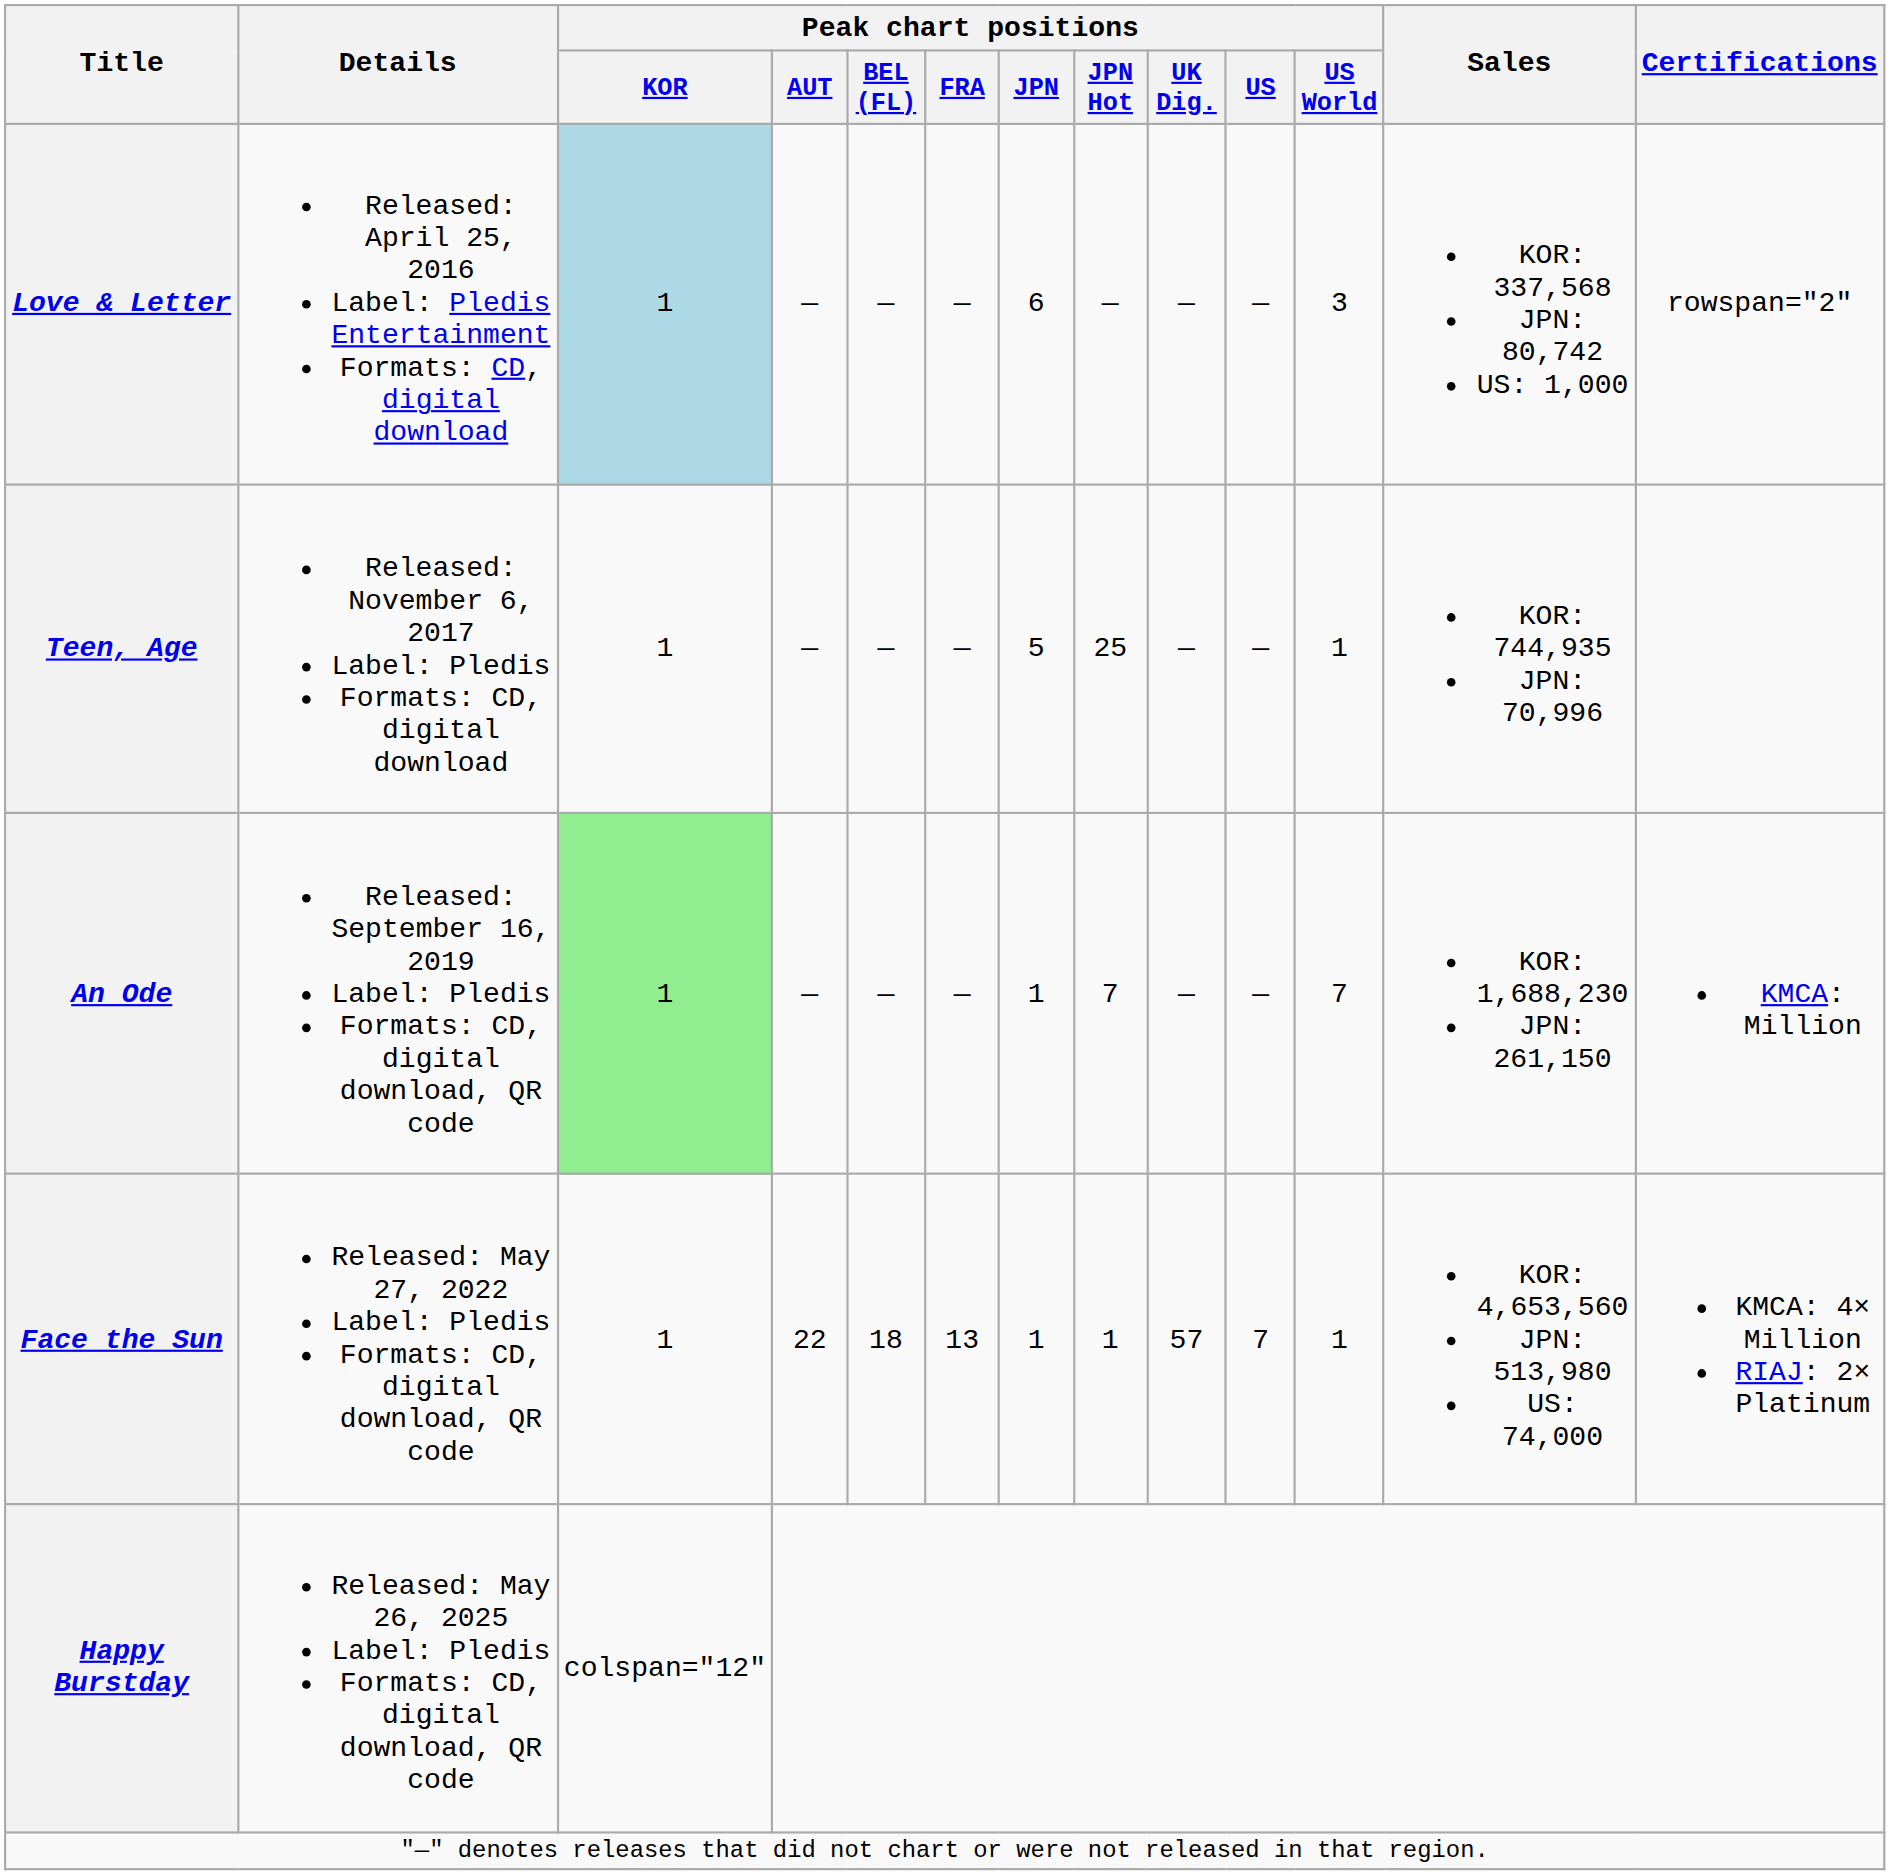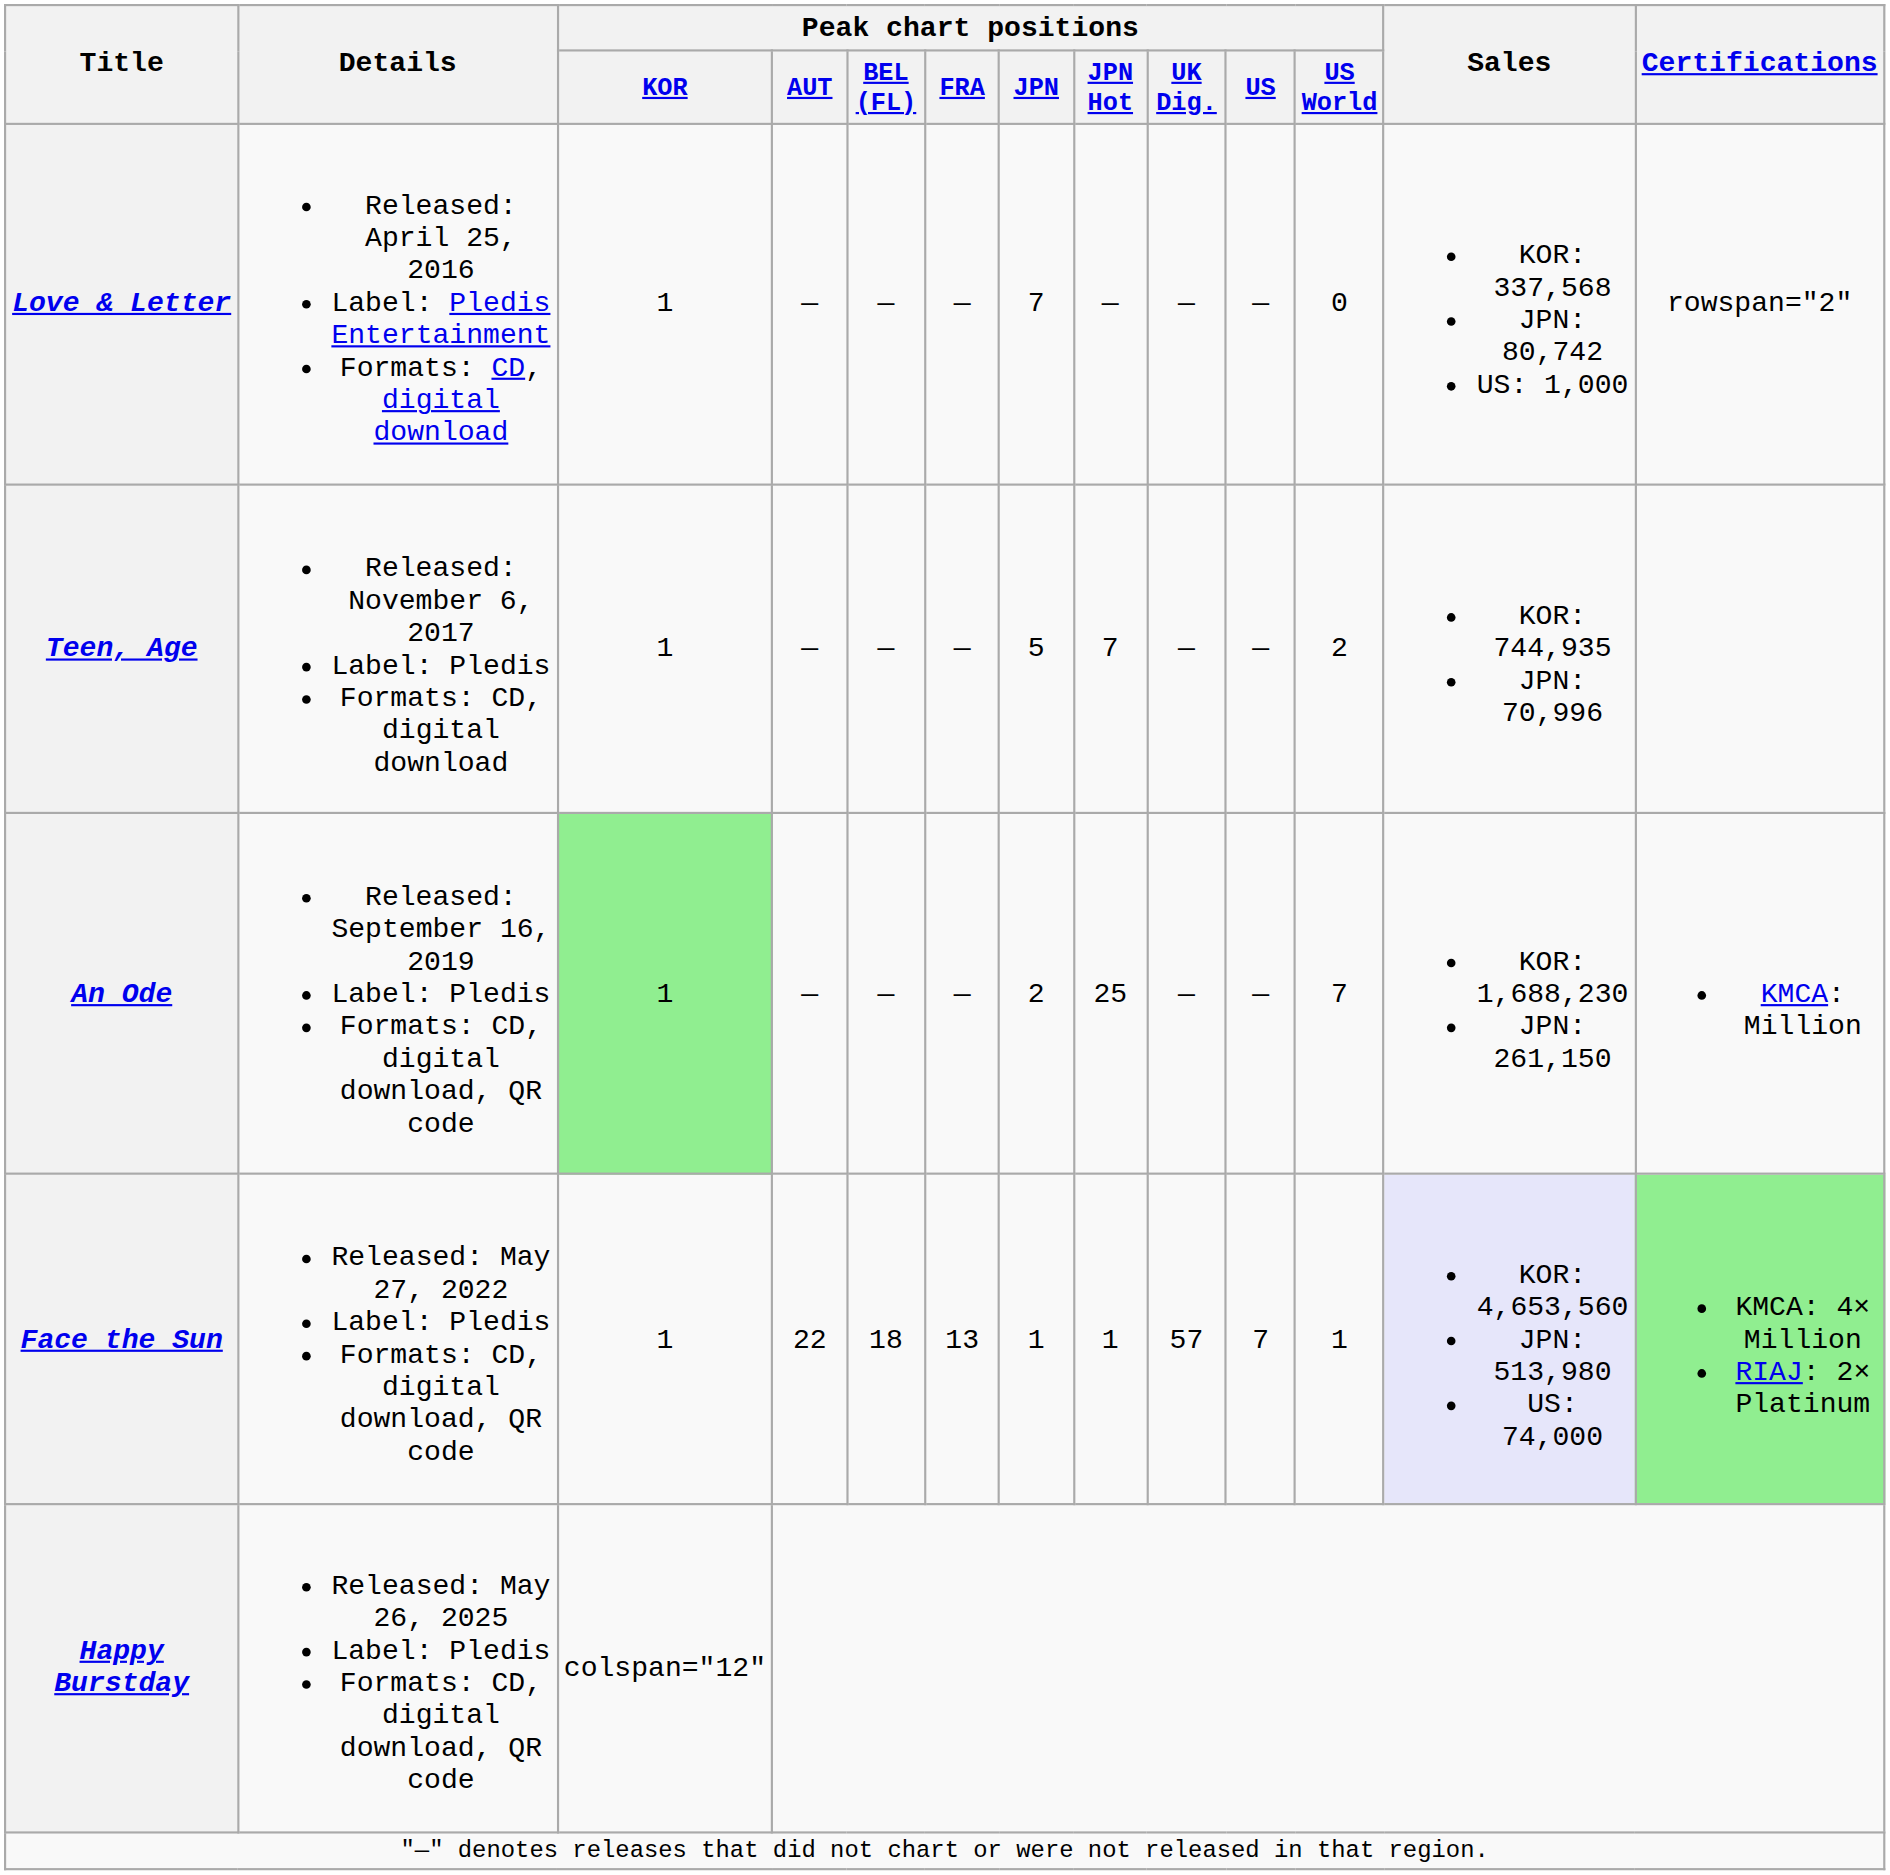 <table class="wikitable plainrowheaders" style="text-align:center;">
 <tr>
 <th scope="col" rowspan="2" style="width:9em;">Title</th>
 <th scope="col" rowspan="2">Details</th>
 <th colspan="9" scope="col">Peak chart positions</th>
 <th scope="col" rowspan="2">Sales</th>
 <th scope="col" rowspan="2"><a href='#'>Certifications</a><br></th>
 </tr>
 <tr>
 <th scope="col" style="width:2.7em;font-size:90%;"><a href='#'>KOR</a><br></th>
 <th scope="col" style="width:2.7em;font-size:90%;"><a href='#'>AUT</a><br></th>
 <th scope="col" style="width:2.7em;font-size:90%;"><a href='#'>BEL<br>(FL)</a><br></th>
 <th scope="col" style="width:2.7em;font-size:90%;"><a href='#'>FRA</a><br></th>
 <th scope="col" style="width:2.7em;font-size:90%;"><a href='#'>JPN</a><br></th>
 <th scope="col" style="width:2.7em;font-size:90%;"><a href='#'>JPN<br>Hot</a><br></th>
 <th scope="col" style="width:2.7em;font-size:90%;"><a href='#'>UK<br>Dig.</a><br></th>
 <th scope="col" style="width:2.7em;font-size:90%;"><a href='#'>US</a><br></th>
 <th scope="col" style="width:2.7em;font-size:90%;"><a href='#'>US<br>World</a><br></th>
 </tr>
 <tr>
 <th scope="row"><em><a href='#'>Love & Letter</a></em></th>
 <td><br><ul><li>Released: April 25, 2016</li><li>Label: <a href='#'>Pledis Entertainment</a></li><li>Formats: <a href='#'>CD</a>, <a href='#'>digital download</a></li></ul></td>
-<td style="background: lightblue;">1</td>
+<td>1</td>
 <td>—</td>
 <td>—</td>
 <td>—</td>
-<td>6</td>
+<td>7</td>
 <td>—</td>
 <td>—</td>
 <td>—</td>
-<td>3</td>
+<td>0</td>
 <td><br><ul><li>KOR: 337,568</li><li>JPN: 80,742</li><li>US: 1,000</li></ul></td>
 <td>rowspan="2" </td>
 </tr>
 <tr>
 <th scope="row"><em><a href='#'>Teen, Age</a></em></th>
 <td><br><ul><li>Released: November 6, 2017</li><li>Label: Pledis</li><li>Formats: CD, digital download</li></ul></td>
 <td>1</td>
 <td>—</td>
 <td>—</td>
 <td>—</td>
 <td>5</td>
-<td>25</td>
+<td>7</td>
 <td>—</td>
 <td>—</td>
-<td>1</td>
+<td>2</td>
 <td><br><ul><li>KOR: 744,935</li><li>JPN: 70,996</li></ul></td>
 </tr>
 <tr>
 <th scope="row"><em><a href='#'>An Ode</a></em></th>
 <td><br><ul><li>Released: September 16, 2019</li><li>Label: Pledis</li><li>Formats: CD, digital download, QR code</li></ul></td>
 <td style="background: lightgreen;">1</td>
 <td>—</td>
 <td>—</td>
 <td>—</td>
-<td>1</td>
-<td>7</td>
+<td>2</td>
+<td>25</td>
 <td>—</td>
 <td>—</td>
 <td>7</td>
 <td><br><ul><li>KOR: 1,688,230</li><li>JPN: 261,150</li></ul></td>
 <td><br><ul><li><a href='#'>KMCA</a>: Million</li></ul></td>
 </tr>
 <tr>
 <th scope="row"><em><a href='#'>Face the Sun</a></em></th>
 <td><br><ul><li>Released: May 27, 2022</li><li>Label: Pledis</li><li>Formats: CD, digital download, QR code</li></ul></td>
 <td>1</td>
 <td>22</td>
 <td>18</td>
 <td>13</td>
 <td>1</td>
 <td>1</td>
 <td>57</td>
 <td>7</td>
 <td>1</td>
-<td><br><ul><li>KOR: 4,653,560</li><li>JPN: 513,980</li><li>US: 74,000</li></ul></td>
-<td><br><ul><li>KMCA: 4× Million</li><li><a href='#'>RIAJ</a>: 2× Platinum</li></ul></td>
+<td style="background: lavender;"><br><ul><li>KOR: 4,653,560</li><li>JPN: 513,980</li><li>US: 74,000</li></ul></td>
+<td style="background: lightgreen;"><br><ul><li>KMCA: 4× Million</li><li><a href='#'>RIAJ</a>: 2× Platinum</li></ul></td>
 </tr>
 <tr>
 <th scope="row"><em><a href='#'>Happy Burstday</a></em></th>
 <td><br><ul><li>Released: May 26, 2025</li><li>Label: Pledis</li><li>Formats: CD, digital download, QR code</li></ul></td>
 <td>colspan="12" </td>
 </tr>
 <tr>
 <td colspan="14" style="font-size:85%">"—" denotes releases that did not chart or were not released in that region.</td>
 </tr>
 </table>
